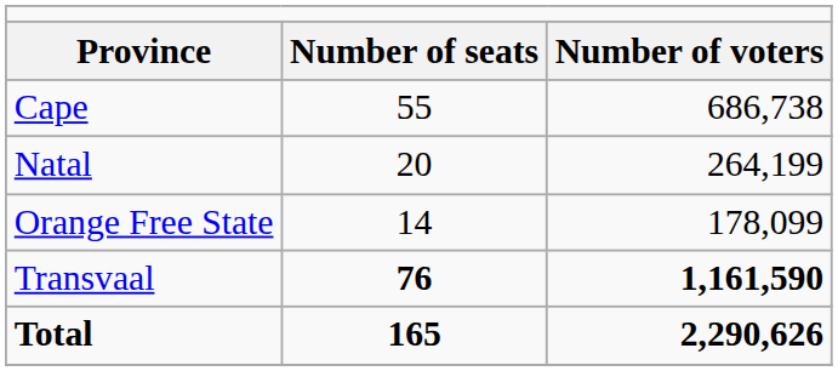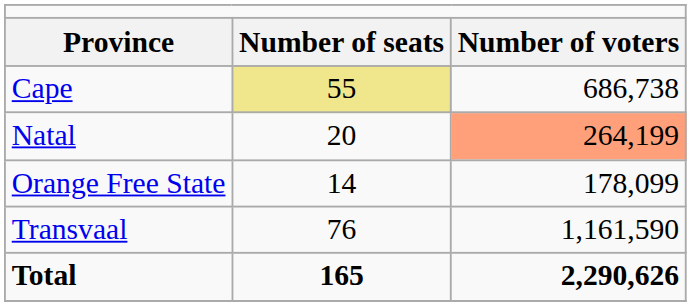 <table class="wikitable">
 <tr>
 <td colspan=10></td>
 </tr>
 <tr>
 <th>Province</th>
 <th>Number of seats</th>
 <th>Number of voters</th>
 </tr>
 <tr>
 <td><a href='#'>Cape</a></td>
-<td align="center">55</td>
+<td align="center" style="background: khaki;">55</td>
 <td align="right">686,738</td>
 </tr>
 <tr>
 <td><a href='#'>Natal</a></td>
 <td align="center">20</td>
-<td align="right">264,199</td>
+<td align="right" style="background: lightsalmon;">264,199</td>
 </tr>
 <tr>
 <td><a href='#'>Orange Free State</a></td>
 <td align="center">14</td>
 <td align="right">178,099</td>
 </tr>
 <tr>
 <td><a href='#'>Transvaal</a></td>
-<td align="center"><strong>76</strong></td>
-<td align="right"><strong>1,161,590</strong></td>
+<td align="center">76</td>
+<td align="right">1,161,590</td>
 </tr>
 <tr>
 <td><strong>Total</strong></td>
 <td align="center"><strong>165</strong></td>
 <td align="right"><strong>2,290,626</strong></td>
 </tr>
 <tr>
 </tr>
 </table>
